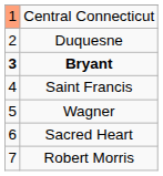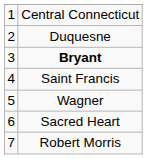 <table class="wikitable">
 <tr align="center">
 </tr>
 <tr align="center">
-<td style="background: lightsalmon;">1</td>
+<td>1</td>
 <td>Central Connecticut</td>
 </tr>
 <tr align="center">
 <td>2</td>
 <td>Duquesne</td>
 </tr>
 <tr align="center">
-<td><strong>3</strong></td>
+<td>3</td>
 <td><strong>Bryant</strong></td>
 </tr>
 <tr align="center">
 <td>4</td>
 <td>Saint Francis</td>
 </tr>
 <tr align="center">
 <td>5</td>
 <td>Wagner</td>
 </tr>
 <tr align="center">
 <td>6</td>
 <td>Sacred Heart</td>
 </tr>
 <tr align="center">
 <td>7</td>
 <td>Robert Morris</td>
 </tr>
 </table>
